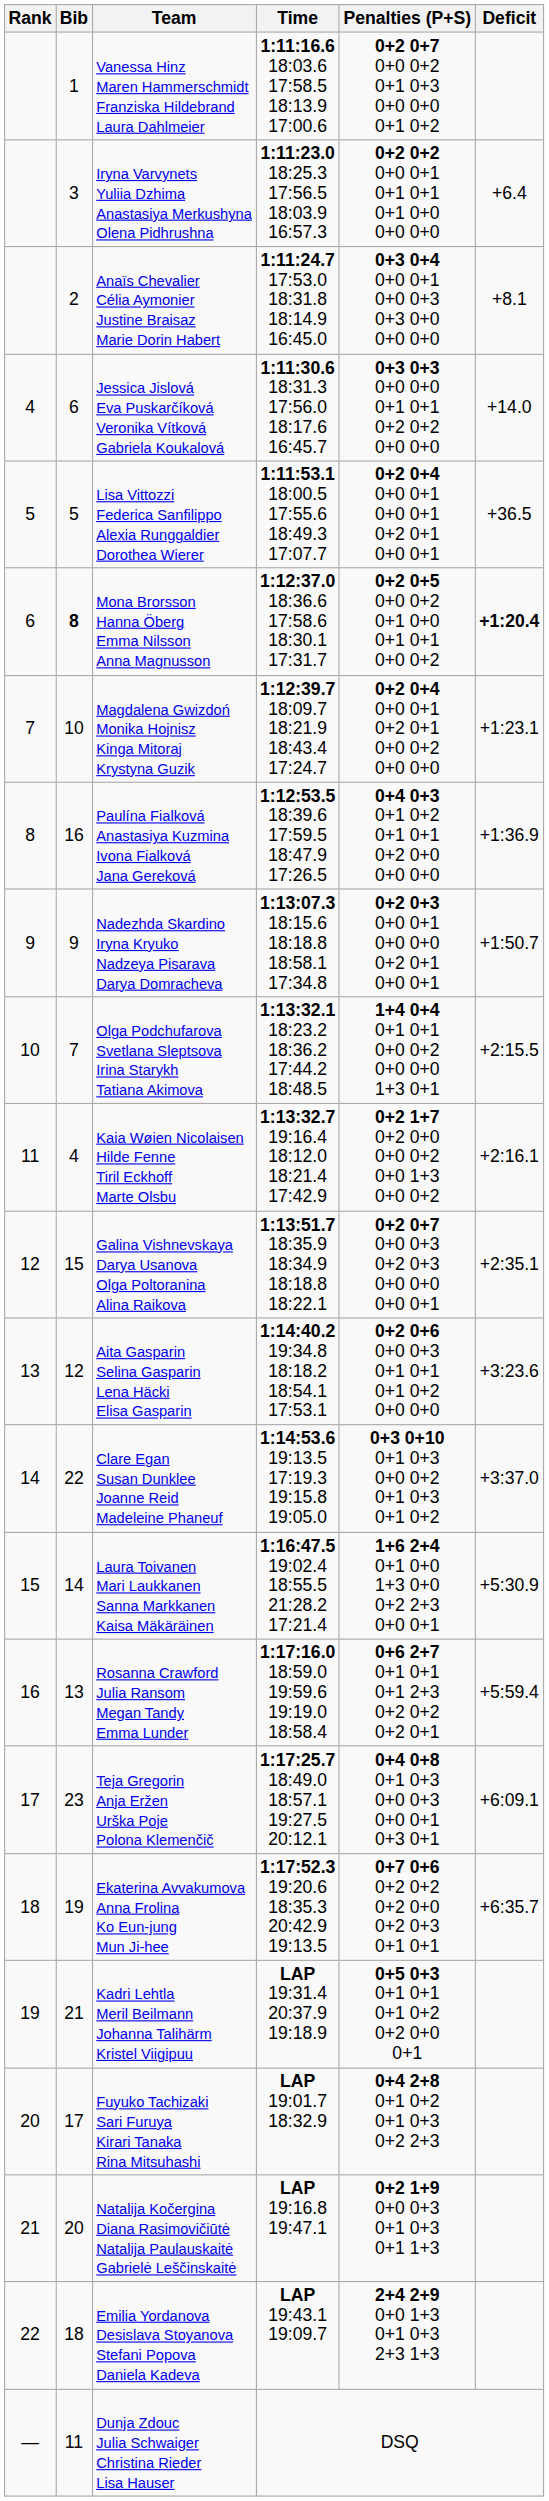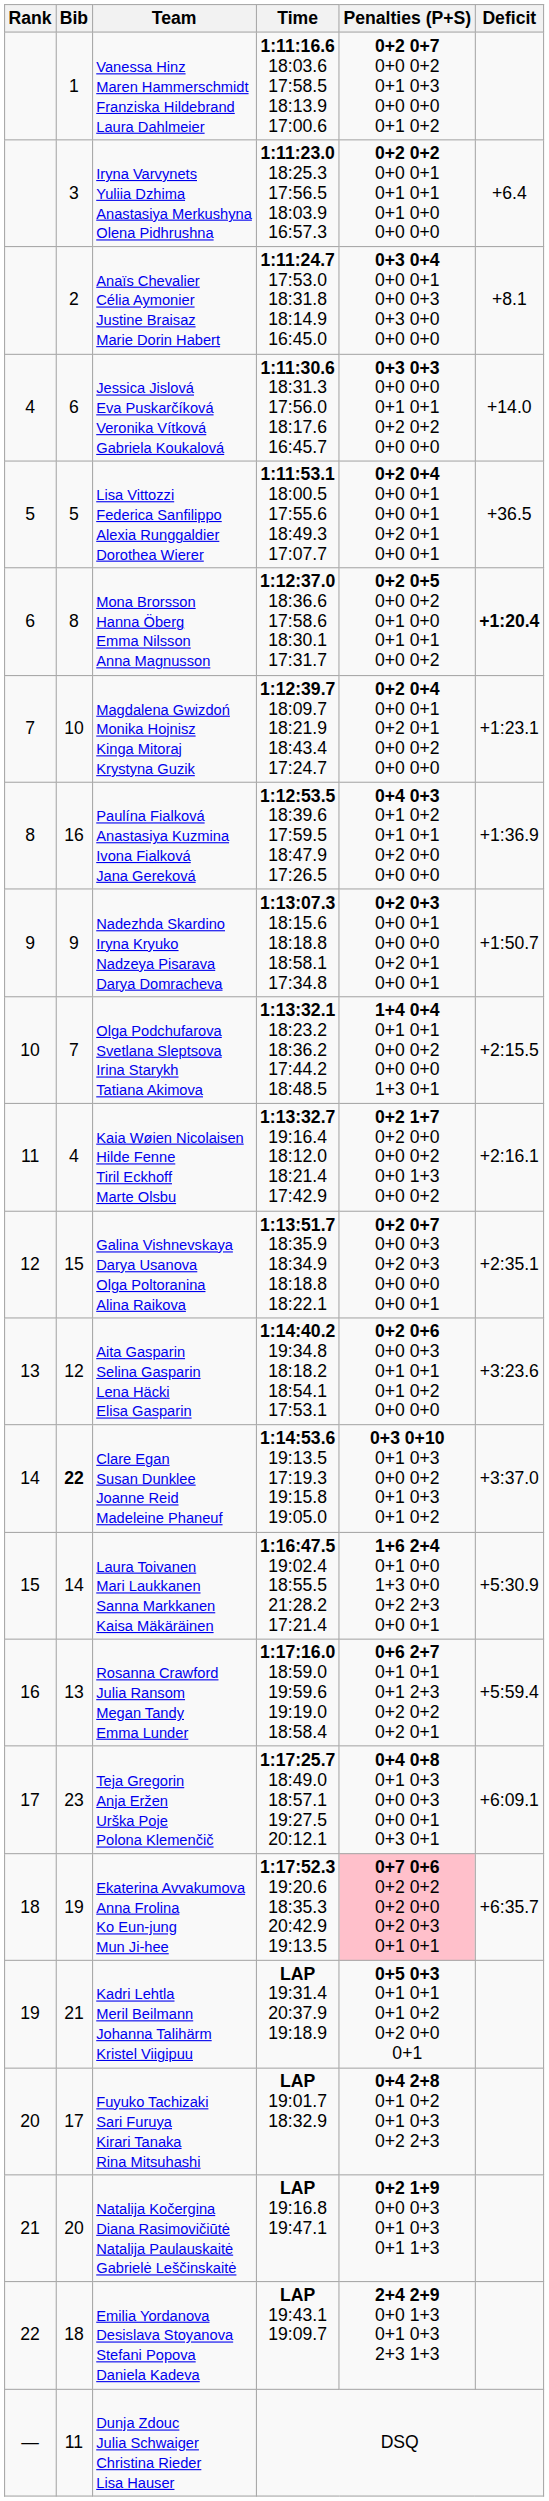 <table class="wikitable sortable" style="text-align:center">
 <tr>
 <th>Rank</th>
 <th>Bib</th>
 <th>Team</th>
 <th>Time</th>
 <th>Penalties (P+S)</th>
 <th>Deficit</th>
 </tr>
 <tr>
 <td></td>
 <td>1</td>
 <td align=left><br><small><a href='#'>Vanessa Hinz</a><br><a href='#'>Maren Hammerschmidt</a><br><a href='#'>Franziska Hildebrand</a><br><a href='#'>Laura Dahlmeier</a></small></td>
 <td><strong>1:11:16.6</strong><br>18:03.6<br>17:58.5<br>18:13.9<br>17:00.6</td>
 <td><strong>0+2 0+7</strong><br>0+0 0+2<br>0+1 0+3<br>0+0 0+0<br>0+1 0+2</td>
 <td></td>
 </tr>
 <tr>
 <td></td>
 <td>3</td>
 <td align=left><br><small><a href='#'>Iryna Varvynets</a><br><a href='#'>Yuliia Dzhima</a><br><a href='#'>Anastasiya Merkushyna</a><br><a href='#'>Olena Pidhrushna</a></small></td>
 <td><strong>1:11:23.0</strong><br>18:25.3<br>17:56.5<br>18:03.9<br>16:57.3</td>
 <td><strong>0+2 0+2</strong><br>0+0 0+1<br>0+1 0+1<br>0+1 0+0<br>0+0 0+0</td>
 <td>+6.4</td>
 </tr>
 <tr>
 <td></td>
 <td>2</td>
 <td align=left><br><small><a href='#'>Anaïs Chevalier</a><br><a href='#'>Célia Aymonier</a><br><a href='#'>Justine Braisaz</a><br><a href='#'>Marie Dorin Habert</a></small></td>
 <td><strong>1:11:24.7</strong> <br> 17:53.0 <br> 18:31.8 <br> 18:14.9 <br> 16:45.0</td>
 <td><strong>0+3 0+4</strong><br>0+0 0+1<br>0+0 0+3<br>0+3 0+0<br>0+0 0+0</td>
 <td>+8.1</td>
 </tr>
 <tr>
 <td>4</td>
 <td>6</td>
 <td align=left><br><small><a href='#'>Jessica Jislová</a><br><a href='#'>Eva Puskarčíková</a><br><a href='#'>Veronika Vítková</a><br><a href='#'>Gabriela Koukalová</a></small></td>
 <td><strong>1:11:30.6</strong> <br> 18:31.3 <br> 17:56.0 <br> 18:17.6 <br> 16:45.7</td>
 <td><strong>0+3 0+3</strong><br>0+0 0+0<br>0+1 0+1<br>0+2 0+2<br>0+0 0+0</td>
 <td>+14.0</td>
 </tr>
 <tr>
 <td>5</td>
 <td>5</td>
 <td align=left><br><small><a href='#'>Lisa Vittozzi</a><br><a href='#'>Federica Sanfilippo</a><br><a href='#'>Alexia Runggaldier</a><br><a href='#'>Dorothea Wierer</a></small></td>
 <td><strong>1:11:53.1</strong> <br> 18:00.5 <br> 17:55.6 <br> 18:49.3 <br> 17:07.7</td>
 <td><strong>0+2 0+4</strong><br>0+0 0+1<br>0+0 0+1<br>0+2 0+1<br>0+0 0+1</td>
 <td>+36.5</td>
 </tr>
 <tr>
 <td>6</td>
-<td><strong>8</strong></td>
+<td>8</td>
 <td align=left><br><small><a href='#'>Mona Brorsson</a><br><a href='#'>Hanna Öberg</a><br><a href='#'>Emma Nilsson</a><br><a href='#'>Anna Magnusson</a></small></td>
 <td><strong>1:12:37.0</strong> <br> 18:36.6 <br> 17:58.6 <br> 18:30.1 <br> 17:31.7</td>
 <td><strong>0+2 0+5</strong><br>0+0 0+2<br>0+1 0+0<br>0+1 0+1<br>0+0 0+2</td>
 <td><strong>+1:20.4</strong></td>
 </tr>
 <tr>
 <td>7</td>
 <td>10</td>
 <td align=left><br><small><a href='#'>Magdalena Gwizdoń</a><br><a href='#'>Monika Hojnisz</a><br><a href='#'>Kinga Mitoraj</a><br><a href='#'>Krystyna Guzik</a></small></td>
 <td><strong>1:12:39.7</strong> <br> 18:09.7 <br> 18:21.9 <br> 18:43.4 <br> 17:24.7</td>
 <td><strong>0+2 0+4</strong><br>0+0 0+1<br>0+2 0+1<br>0+0 0+2<br>0+0 0+0</td>
 <td>+1:23.1</td>
 </tr>
 <tr>
 <td>8</td>
 <td>16</td>
 <td align=left><br><small><a href='#'>Paulína Fialková</a><br><a href='#'>Anastasiya Kuzmina</a><br><a href='#'>Ivona Fialková</a><br><a href='#'>Jana Gereková</a></small></td>
 <td><strong>1:12:53.5</strong> <br> 18:39.6 <br> 17:59.5 <br> 18:47.9 <br> 17:26.5</td>
 <td><strong>0+4 0+3</strong><br>0+1 0+2<br>0+1 0+1<br>0+2 0+0<br>0+0 0+0</td>
 <td>+1:36.9</td>
 </tr>
 <tr>
 <td>9</td>
 <td>9</td>
 <td align=left><br><small><a href='#'>Nadezhda Skardino</a><br><a href='#'>Iryna Kryuko</a><br><a href='#'>Nadzeya Pisarava</a><br><a href='#'>Darya Domracheva</a></small></td>
 <td><strong>1:13:07.3</strong> <br> 18:15.6 <br> 18:18.8 <br> 18:58.1 <br> 17:34.8</td>
 <td><strong>0+2 0+3</strong><br>0+0 0+1<br>0+0 0+0<br>0+2 0+1<br>0+0 0+1</td>
 <td>+1:50.7</td>
 </tr>
 <tr>
 <td>10</td>
 <td>7</td>
 <td align=left><br><small><a href='#'>Olga Podchufarova</a><br><a href='#'>Svetlana Sleptsova</a><br><a href='#'>Irina Starykh</a><br><a href='#'>Tatiana Akimova</a></small></td>
 <td><strong>1:13:32.1</strong> <br> 18:23.2 <br> 18:36.2 <br> 17:44.2 <br> 18:48.5</td>
 <td><strong>1+4 0+4</strong><br>0+1 0+1<br>0+0 0+2<br>0+0 0+0<br>1+3 0+1</td>
 <td>+2:15.5</td>
 </tr>
 <tr>
 <td>11</td>
 <td>4</td>
 <td align=left><br><small><a href='#'>Kaia Wøien Nicolaisen</a><br><a href='#'>Hilde Fenne</a><br><a href='#'>Tiril Eckhoff</a><br><a href='#'>Marte Olsbu</a></small></td>
 <td><strong>1:13:32.7</strong> <br> 19:16.4 <br> 18:12.0 <br> 18:21.4 <br> 17:42.9</td>
 <td><strong>0+2 1+7</strong><br>0+2 0+0<br>0+0 0+2<br>0+0 1+3<br>0+0 0+2</td>
 <td>+2:16.1</td>
 </tr>
 <tr>
 <td>12</td>
 <td>15</td>
 <td align=left><br><small><a href='#'>Galina Vishnevskaya</a><br><a href='#'>Darya Usanova</a><br><a href='#'>Olga Poltoranina</a><br><a href='#'>Alina Raikova</a></small></td>
 <td><strong>1:13:51.7</strong> <br> 18:35.9 <br> 18:34.9 <br> 18:18.8 <br> 18:22.1</td>
 <td><strong>0+2 0+7</strong><br>0+0 0+3<br>0+2 0+3<br>0+0 0+0<br>0+0 0+1</td>
 <td>+2:35.1</td>
 </tr>
 <tr>
 <td>13</td>
 <td>12</td>
 <td align=left><br><small><a href='#'>Aita Gasparin</a><br><a href='#'>Selina Gasparin</a><br><a href='#'>Lena Häcki</a><br><a href='#'>Elisa Gasparin</a></small></td>
 <td><strong>1:14:40.2</strong> <br> 19:34.8 <br> 18:18.2 <br> 18:54.1 <br> 17:53.1</td>
 <td><strong>0+2 0+6</strong><br>0+0 0+3<br>0+1 0+1<br>0+1 0+2<br>0+0 0+0</td>
 <td>+3:23.6</td>
 </tr>
 <tr>
 <td>14</td>
-<td>22</td>
+<td><strong>22</strong></td>
 <td align=left><br><small><a href='#'>Clare Egan</a><br><a href='#'>Susan Dunklee</a><br><a href='#'>Joanne Reid</a><br><a href='#'>Madeleine Phaneuf</a></small></td>
 <td><strong>1:14:53.6</strong> <br> 19:13.5 <br> 17:19.3 <br> 19:15.8 <br> 19:05.0</td>
 <td><strong>0+3 0+10</strong><br>0+1 0+3<br>0+0 0+2<br>0+1 0+3<br>0+1 0+2</td>
 <td>+3:37.0</td>
 </tr>
 <tr>
 <td>15</td>
 <td>14</td>
 <td align=left><br><small><a href='#'>Laura Toivanen</a><br><a href='#'>Mari Laukkanen</a><br><a href='#'>Sanna Markkanen</a><br><a href='#'>Kaisa Mäkäräinen</a></small></td>
 <td><strong>1:16:47.5</strong> <br> 19:02.4 <br> 18:55.5 <br> 21:28.2 <br> 17:21.4</td>
 <td><strong>1+6 2+4</strong><br>0+1 0+0<br>1+3 0+0<br>0+2 2+3<br>0+0 0+1</td>
 <td>+5:30.9</td>
 </tr>
 <tr>
 <td>16</td>
 <td>13</td>
 <td align=left><br><small><a href='#'>Rosanna Crawford</a><br><a href='#'>Julia Ransom</a><br><a href='#'>Megan Tandy</a><br><a href='#'>Emma Lunder</a></small></td>
 <td><strong>1:17:16.0</strong> <br> 18:59.0 <br> 19:59.6 <br> 19:19.0 <br> 18:58.4</td>
 <td><strong>0+6 2+7</strong><br>0+1 0+1<br>0+1 2+3<br>0+2 0+2<br>0+2 0+1</td>
 <td>+5:59.4</td>
 </tr>
 <tr>
 <td>17</td>
 <td>23</td>
 <td align=left><br><small><a href='#'>Teja Gregorin</a><br><a href='#'>Anja Eržen</a><br><a href='#'>Urška Poje</a><br><a href='#'>Polona Klemenčič</a></small></td>
 <td><strong>1:17:25.7</strong> <br> 18:49.0 <br> 18:57.1 <br> 19:27.5 <br> 20:12.1</td>
 <td><strong>0+4 0+8</strong><br>0+1 0+3<br>0+0 0+3<br>0+0 0+1<br>0+3 0+1</td>
 <td>+6:09.1</td>
 </tr>
 <tr>
 <td>18</td>
 <td>19</td>
 <td align=left><br><small><a href='#'>Ekaterina Avvakumova</a><br><a href='#'>Anna Frolina</a><br><a href='#'>Ko Eun-jung</a><br><a href='#'>Mun Ji-hee</a></small></td>
 <td><strong>1:17:52.3</strong> <br> 19:20.6 <br> 18:35.3 <br> 20:42.9 <br> 19:13.5</td>
-<td><strong>0+7 0+6</strong><br>0+2 0+2<br>0+2 0+0<br>0+2 0+3<br>0+1 0+1</td>
+<td style="background: pink;"><strong>0+7 0+6</strong><br>0+2 0+2<br>0+2 0+0<br>0+2 0+3<br>0+1 0+1</td>
 <td>+6:35.7</td>
 </tr>
 <tr>
 <td>19</td>
 <td>21</td>
 <td align=left><br><small><a href='#'>Kadri Lehtla</a><br><a href='#'>Meril Beilmann</a><br><a href='#'>Johanna Talihärm</a><br><a href='#'>Kristel Viigipuu</a></small></td>
 <td><strong>LAP</strong> <br> 19:31.4 <br> 20:37.9 <br> 19:18.9 <br> <br></td>
 <td><strong>0+5 0+3</strong><br>0+1 0+1<br>0+1 0+2<br>0+2 0+0<br>0+1</td>
 <td></td>
 </tr>
 <tr>
 <td>20</td>
 <td>17</td>
 <td align=left><br><small><a href='#'>Fuyuko Tachizaki</a><br><a href='#'>Sari Furuya</a><br><a href='#'>Kirari Tanaka</a><br><a href='#'>Rina Mitsuhashi</a></small></td>
 <td><strong>LAP</strong> <br> 19:01.7 <br> 18:32.9 <br><br><br></td>
 <td><strong>0+4 2+8</strong><br>0+1 0+2<br>0+1 0+3<br>0+2 2+3<br><br></td>
 <td></td>
 </tr>
 <tr>
 <td>21</td>
 <td>20</td>
 <td align=left><br><small><a href='#'>Natalija Kočergina</a><br><a href='#'>Diana Rasimovičiūtė</a><br><a href='#'>Natalija Paulauskaitė</a><br><a href='#'>Gabrielė Leščinskaitė</a></small></td>
 <td><strong>LAP</strong> <br> 19:16.8 <br> 19:47.1 <br><br><br></td>
 <td><strong>0+2 1+9</strong><br>0+0 0+3<br>0+1 0+3<br>0+1 1+3<br><br></td>
 <td></td>
 </tr>
 <tr>
 <td>22</td>
 <td>18</td>
 <td align=left><br><small><a href='#'>Emilia Yordanova</a><br><a href='#'>Desislava Stoyanova</a><br><a href='#'>Stefani Popova</a><br><a href='#'>Daniela Kadeva</a></small></td>
 <td><strong>LAP</strong> <br> 19:43.1 <br> 19:09.7 <br><br><br></td>
 <td><strong>2+4 2+9</strong><br>0+0 1+3<br>0+1 0+3<br>2+3 1+3<br><br></td>
 <td></td>
 </tr>
 <tr>
 <td>—</td>
 <td>11</td>
 <td align=left><br><small><a href='#'>Dunja Zdouc</a><br><a href='#'>Julia Schwaiger</a><br><a href='#'>Christina Rieder</a><br><a href='#'>Lisa Hauser</a></small></td>
 <td colspan=3>DSQ</td>
 </tr>
 </table>
